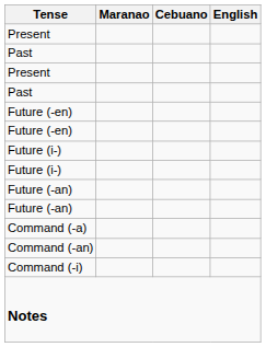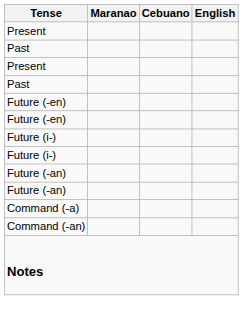 <table class="wikitable">
 <tr>
 <th>Tense</th>
 <th>Maranao</th>
 <th>Cebuano</th>
 <th>English</th>
 </tr>
 <tr>
 <td>Present</td>
 <td>  </td>
 <td>  </td>
 <td>  </td>
 </tr>
 <tr>
 <td>Past</td>
 <td>  </td>
 <td>  </td>
 <td>  </td>
 </tr>
 <tr>
 <td>Present</td>
 <td>  </td>
 <td>  </td>
 <td>  </td>
 </tr>
 <tr>
 <td>Past</td>
 <td>  </td>
 <td>  </td>
 <td>  </td>
 </tr>
 <tr>
 <td>Future (-en)</td>
 <td> </td>
 <td>  </td>
 <td>  </td>
 </tr>
 <tr>
 <td>Future (-en)</td>
 <td> </td>
 <td>  </td>
 <td>  </td>
 </tr>
 <tr>
 <td>Future (i-)</td>
 <td>  </td>
 <td>  </td>
 <td>  </td>
 </tr>
 <tr>
 <td>Future (i-)</td>
 <td>  </td>
 <td>  </td>
 <td>  </td>
 </tr>
 <tr>
 <td>Future (-an)</td>
 <td>  </td>
 <td>  </td>
 <td>  </td>
 </tr>
 <tr>
 <td>Future (-an)</td>
 <td>  </td>
 <td>  </td>
 <td>  </td>
 </tr>
 <tr>
 <td>Command (-a)</td>
 <td>  </td>
 <td> </td>
 <td> </td>
 </tr>
 <tr>
 <td>Command (-an)</td>
 <td>  </td>
 <td> </td>
 <td> </td>
 </tr>
 <tr>
-<td>Command (-i)</td>
-<td>  </td>
-<td> </td>
-<td> </td>
-</tr>
-<tr>
 <td colspan=4><br><h3>Notes</h3></td>
 </tr>
 </table>
